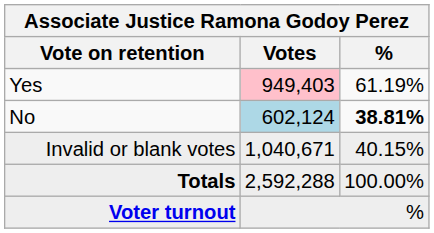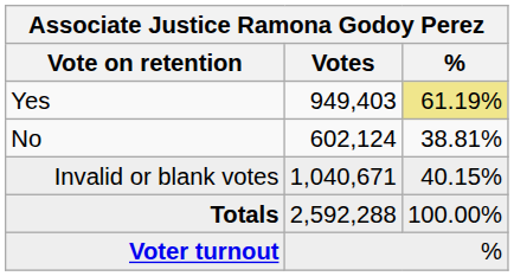 <table class="wikitable" style="font-size: 95%;">
 <tr style="background-color:#E9E9E9">
 <th colspan=7>Associate Justice Ramona Godoy Perez</th>
 </tr>
 <tr style="background-color:#E9E9E9">
 <th style="width: 170px">Vote on retention</th>
 <th style="width: 50px">Votes</th>
 <th style="width: 40px">%</th>
 </tr>
 <tr>
 <td>Yes</td>
-<td align="right" style="background: pink;">949,403</td>
-<td align="right">61.19%</td>
+<td align="right">949,403</td>
+<td align="right" style="background: khaki;">61.19%</td>
 </tr>
 <tr>
 <td>No</td>
-<td align="right" style="background: lightblue;">602,124</td>
-<td align="right"><strong>38.81%</strong></td>
+<td align="right">602,124</td>
+<td align="right">38.81%</td>
 </tr>
 <tr style="background-color:#EEEEEE">
 <td align="right">Invalid or blank votes</td>
 <td align="right">1,040,671</td>
 <td align="right">40.15%</td>
 </tr>
 <tr style="background-color:#EEEEEE">
 <td colspan="1" align="right"><strong>Totals</strong></td>
 <td align="right">2,592,288</td>
 <td align="right">100.00%</td>
 </tr>
 <tr style="background-color:#EEEEEE">
 <td align="right"><strong><a href='#'>Voter turnout</a></strong></td>
 <td colspan="2" align="right">%</td>
 </tr>
 </table>
